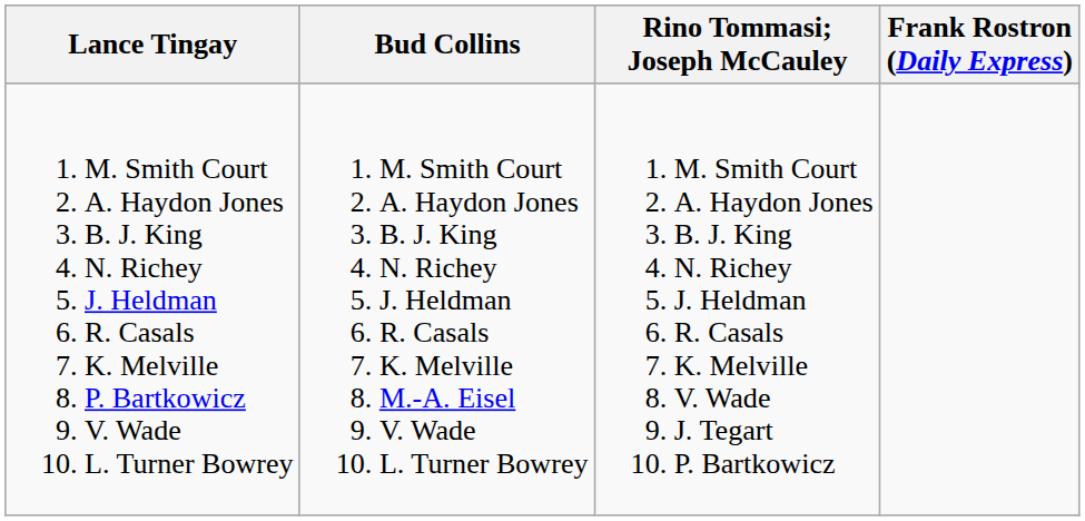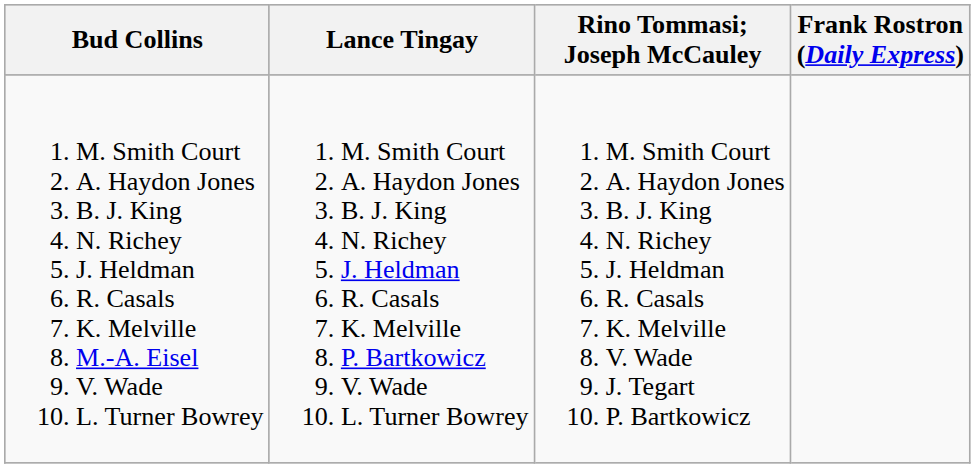 <table class="wikitable">
 <tr>
+<th>Bud Collins</th>
 <th>Lance Tingay<strong></strong></th>
-<th>Bud Collins</th>
 <th>Rino Tommasi;<br>Joseph McCauley</th>
 <th>Frank Rostron<em></em><br>(<em><a href='#'>Daily Express</a></em>)</th>
 </tr>
 <tr style="vertical-align: top;">
+<td style="white-space: nowrap;"><br><ol><li> M. Smith Court</li><li> A. Haydon Jones</li><li> B. J. King</li><li> N. Richey</li><li> J. Heldman</li><li> R. Casals</li><li> K. Melville</li><li> <a href='#'>M.-A. Eisel</a></li><li> V. Wade</li><li> L. Turner Bowrey</li></ol></td>
 <td style="white-space: nowrap;"><br><ol><li> M. Smith Court</li><li> A. Haydon Jones</li><li> B. J. King</li><li> N. Richey</li><li> <a href='#'>J. Heldman</a></li><li> R. Casals</li><li> K. Melville</li><li> <a href='#'>P. Bartkowicz</a></li><li> V. Wade</li><li> L. Turner Bowrey</li></ol></td>
-<td style="white-space: nowrap;"><br><ol><li> M. Smith Court</li><li> A. Haydon Jones</li><li> B. J. King</li><li> N. Richey</li><li> J. Heldman</li><li> R. Casals</li><li> K. Melville</li><li> <a href='#'>M.-A. Eisel</a></li><li> V. Wade</li><li> L. Turner Bowrey</li></ol></td>
 <td style="white-space: nowrap;"><br><ol><li> M. Smith Court</li><li> A. Haydon Jones</li><li> B. J. King</li><li> N. Richey</li><li> J. Heldman</li><li> R. Casals</li><li> K. Melville</li><li> V. Wade</li><li> J. Tegart</li><li> P. Bartkowicz</li></ol></td>
 <td style="white-space: nowrap;"><br></td>
 </tr>
 </table>
